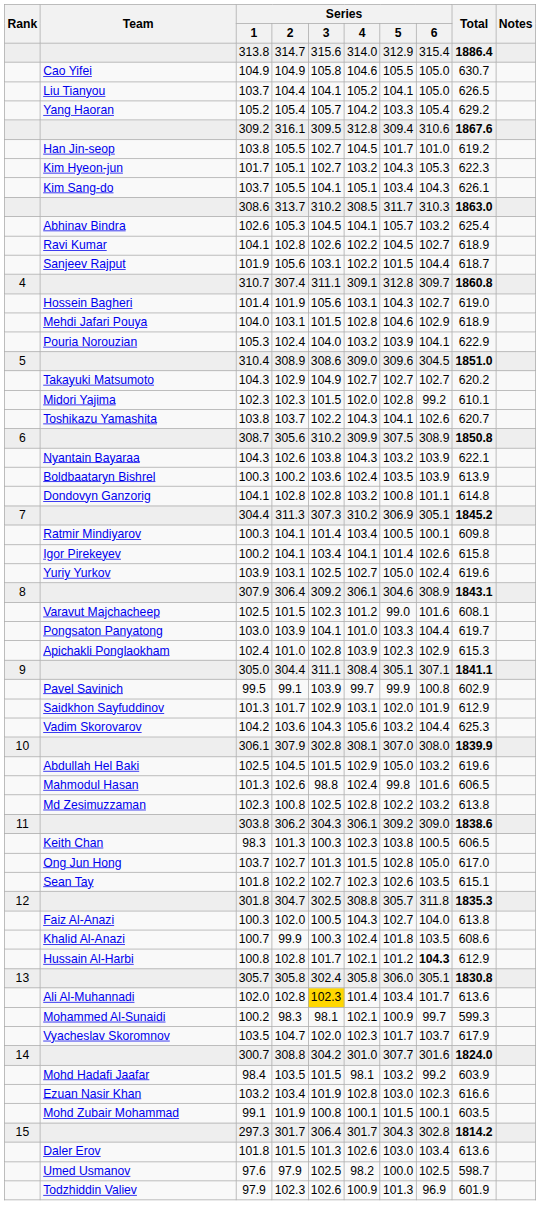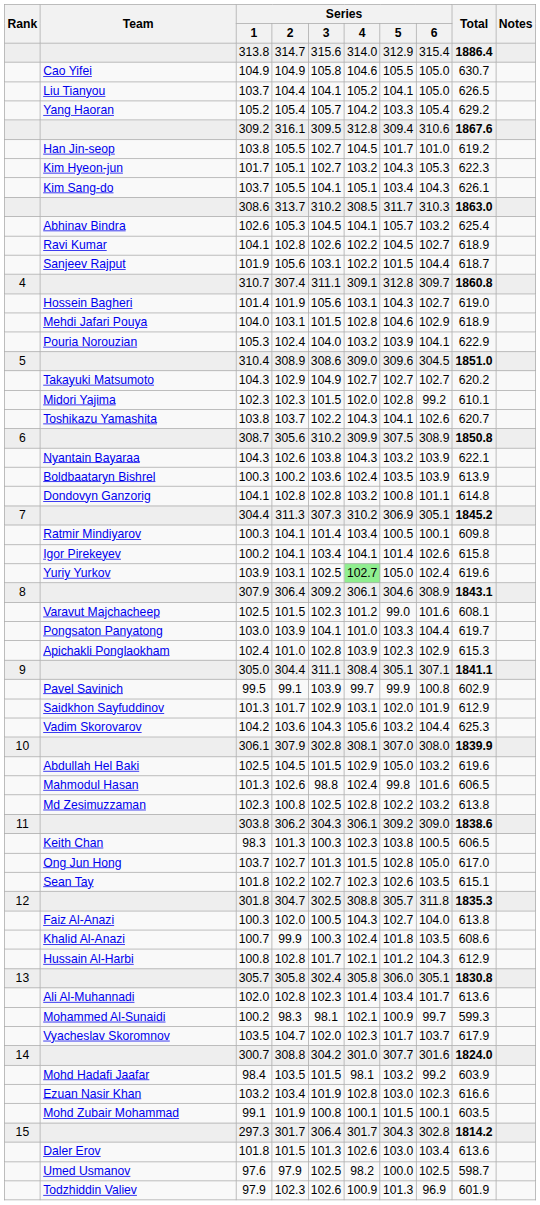 <table class="wikitable" style="text-align:center">
 <tr>
 <th rowspan=2 width=40>Rank</th>
 <th rowspan=2 width=250>Team</th>
 <th colspan=6>Series</th>
 <th rowspan=2 width=50>Total</th>
 <th rowspan=2 width=45>Notes</th>
 </tr>
 <tr>
 <th width=40>1</th>
 <th width=40>2</th>
 <th width=40>3</th>
 <th width=40>4</th>
 <th width=40>5</th>
 <th width=40>6</th>
 </tr>
 <tr bgcolor=eeeeee>
 <td></td>
 <td align=left></td>
 <td>313.8</td>
 <td>314.7</td>
 <td>315.6</td>
 <td>314.0</td>
 <td>312.9</td>
 <td>315.4</td>
 <td><strong>1886.4</strong></td>
 <td></td>
 </tr>
 <tr>
 <td></td>
 <td align=left><a href='#'>Cao Yifei</a></td>
 <td>104.9</td>
 <td>104.9</td>
 <td>105.8</td>
 <td>104.6</td>
 <td>105.5</td>
 <td>105.0</td>
 <td>630.7</td>
 <td></td>
 </tr>
 <tr>
 <td></td>
 <td align=left><a href='#'>Liu Tianyou</a></td>
 <td>103.7</td>
 <td>104.4</td>
 <td>104.1</td>
 <td>105.2</td>
 <td>104.1</td>
 <td>105.0</td>
 <td>626.5</td>
 <td></td>
 </tr>
 <tr>
 <td></td>
 <td align=left><a href='#'>Yang Haoran</a></td>
 <td>105.2</td>
 <td>105.4</td>
 <td>105.7</td>
 <td>104.2</td>
 <td>103.3</td>
 <td>105.4</td>
 <td>629.2</td>
 <td></td>
 </tr>
 <tr bgcolor=eeeeee>
 <td></td>
 <td align=left></td>
 <td>309.2</td>
 <td>316.1</td>
 <td>309.5</td>
 <td>312.8</td>
 <td>309.4</td>
 <td>310.6</td>
 <td><strong>1867.6</strong></td>
 <td></td>
 </tr>
 <tr>
 <td></td>
 <td align=left><a href='#'>Han Jin-seop</a></td>
 <td>103.8</td>
 <td>105.5</td>
 <td>102.7</td>
 <td>104.5</td>
 <td>101.7</td>
 <td>101.0</td>
 <td>619.2</td>
 <td></td>
 </tr>
 <tr>
 <td></td>
 <td align=left><a href='#'>Kim Hyeon-jun</a></td>
 <td>101.7</td>
 <td>105.1</td>
 <td>102.7</td>
 <td>103.2</td>
 <td>104.3</td>
 <td>105.3</td>
 <td>622.3</td>
 <td></td>
 </tr>
 <tr>
 <td></td>
 <td align=left><a href='#'>Kim Sang-do</a></td>
 <td>103.7</td>
 <td>105.5</td>
 <td>104.1</td>
 <td>105.1</td>
 <td>103.4</td>
 <td>104.3</td>
 <td>626.1</td>
 <td></td>
 </tr>
 <tr bgcolor=eeeeee>
 <td></td>
 <td align=left></td>
 <td>308.6</td>
 <td>313.7</td>
 <td>310.2</td>
 <td>308.5</td>
 <td>311.7</td>
 <td>310.3</td>
 <td><strong>1863.0</strong></td>
 <td></td>
 </tr>
 <tr>
 <td></td>
 <td align=left><a href='#'>Abhinav Bindra</a></td>
 <td>102.6</td>
 <td>105.3</td>
 <td>104.5</td>
 <td>104.1</td>
 <td>105.7</td>
 <td>103.2</td>
 <td>625.4</td>
 <td></td>
 </tr>
 <tr>
 <td></td>
 <td align=left><a href='#'>Ravi Kumar</a></td>
 <td>104.1</td>
 <td>102.8</td>
 <td>102.6</td>
 <td>102.2</td>
 <td>104.5</td>
 <td>102.7</td>
 <td>618.9</td>
 <td></td>
 </tr>
 <tr>
 <td></td>
 <td align=left><a href='#'>Sanjeev Rajput</a></td>
 <td>101.9</td>
 <td>105.6</td>
 <td>103.1</td>
 <td>102.2</td>
 <td>101.5</td>
 <td>104.4</td>
 <td>618.7</td>
 <td></td>
 </tr>
 <tr bgcolor=eeeeee>
 <td>4</td>
 <td align=left></td>
 <td>310.7</td>
 <td>307.4</td>
 <td>311.1</td>
 <td>309.1</td>
 <td>312.8</td>
 <td>309.7</td>
 <td><strong>1860.8</strong></td>
 <td></td>
 </tr>
 <tr>
 <td></td>
 <td align=left><a href='#'>Hossein Bagheri</a></td>
 <td>101.4</td>
 <td>101.9</td>
 <td>105.6</td>
 <td>103.1</td>
 <td>104.3</td>
 <td>102.7</td>
 <td>619.0</td>
 <td></td>
 </tr>
 <tr>
 <td></td>
 <td align=left><a href='#'>Mehdi Jafari Pouya</a></td>
 <td>104.0</td>
 <td>103.1</td>
 <td>101.5</td>
 <td>102.8</td>
 <td>104.6</td>
 <td>102.9</td>
 <td>618.9</td>
 <td></td>
 </tr>
 <tr>
 <td></td>
 <td align=left><a href='#'>Pouria Norouzian</a></td>
 <td>105.3</td>
 <td>102.4</td>
 <td>104.0</td>
 <td>103.2</td>
 <td>103.9</td>
 <td>104.1</td>
 <td>622.9</td>
 <td></td>
 </tr>
 <tr bgcolor=eeeeee>
 <td>5</td>
 <td align=left></td>
 <td>310.4</td>
 <td>308.9</td>
 <td>308.6</td>
 <td>309.0</td>
 <td>309.6</td>
 <td>304.5</td>
 <td><strong>1851.0</strong></td>
 <td></td>
 </tr>
 <tr>
 <td></td>
 <td align=left><a href='#'>Takayuki Matsumoto</a></td>
 <td>104.3</td>
 <td>102.9</td>
 <td>104.9</td>
 <td>102.7</td>
 <td>102.7</td>
 <td>102.7</td>
 <td>620.2</td>
 <td></td>
 </tr>
 <tr>
 <td></td>
 <td align=left><a href='#'>Midori Yajima</a></td>
 <td>102.3</td>
 <td>102.3</td>
 <td>101.5</td>
 <td>102.0</td>
 <td>102.8</td>
 <td>99.2</td>
 <td>610.1</td>
 <td></td>
 </tr>
 <tr>
 <td></td>
 <td align=left><a href='#'>Toshikazu Yamashita</a></td>
 <td>103.8</td>
 <td>103.7</td>
 <td>102.2</td>
 <td>104.3</td>
 <td>104.1</td>
 <td>102.6</td>
 <td>620.7</td>
 <td></td>
 </tr>
 <tr bgcolor=eeeeee>
 <td>6</td>
 <td align=left></td>
 <td>308.7</td>
 <td>305.6</td>
 <td>310.2</td>
 <td>309.9</td>
 <td>307.5</td>
 <td>308.9</td>
 <td><strong>1850.8</strong></td>
 <td></td>
 </tr>
 <tr>
 <td></td>
 <td align=left><a href='#'>Nyantain Bayaraa</a></td>
 <td>104.3</td>
 <td>102.6</td>
 <td>103.8</td>
 <td>104.3</td>
 <td>103.2</td>
 <td>103.9</td>
 <td>622.1</td>
 <td></td>
 </tr>
 <tr>
 <td></td>
 <td align=left><a href='#'>Boldbaataryn Bishrel</a></td>
 <td>100.3</td>
 <td>100.2</td>
 <td>103.6</td>
 <td>102.4</td>
 <td>103.5</td>
 <td>103.9</td>
 <td>613.9</td>
 <td></td>
 </tr>
 <tr>
 <td></td>
 <td align=left><a href='#'>Dondovyn Ganzorig</a></td>
 <td>104.1</td>
 <td>102.8</td>
 <td>102.8</td>
 <td>103.2</td>
 <td>100.8</td>
 <td>101.1</td>
 <td>614.8</td>
 <td></td>
 </tr>
 <tr bgcolor=eeeeee>
 <td>7</td>
 <td align=left></td>
 <td>304.4</td>
 <td>311.3</td>
 <td>307.3</td>
 <td>310.2</td>
 <td>306.9</td>
 <td>305.1</td>
 <td><strong>1845.2</strong></td>
 <td></td>
 </tr>
 <tr>
 <td></td>
 <td align=left><a href='#'>Ratmir Mindiyarov</a></td>
 <td>100.3</td>
 <td>104.1</td>
 <td>101.4</td>
 <td>103.4</td>
 <td>100.5</td>
 <td>100.1</td>
 <td>609.8</td>
 <td></td>
 </tr>
 <tr>
 <td></td>
 <td align=left><a href='#'>Igor Pirekeyev</a></td>
 <td>100.2</td>
 <td>104.1</td>
 <td>103.4</td>
 <td>104.1</td>
 <td>101.4</td>
 <td>102.6</td>
 <td>615.8</td>
 <td></td>
 </tr>
 <tr>
 <td></td>
 <td align=left><a href='#'>Yuriy Yurkov</a></td>
 <td>103.9</td>
 <td>103.1</td>
 <td>102.5</td>
-<td>102.7</td>
+<td style="background: lightgreen;">102.7</td>
 <td>105.0</td>
 <td>102.4</td>
 <td>619.6</td>
 <td></td>
 </tr>
 <tr bgcolor=eeeeee>
 <td>8</td>
 <td align=left></td>
 <td>307.9</td>
 <td>306.4</td>
 <td>309.2</td>
 <td>306.1</td>
 <td>304.6</td>
 <td>308.9</td>
 <td><strong>1843.1</strong></td>
 <td></td>
 </tr>
 <tr>
 <td></td>
 <td align=left><a href='#'>Varavut Majchacheep</a></td>
 <td>102.5</td>
 <td>101.5</td>
 <td>102.3</td>
 <td>101.2</td>
 <td>99.0</td>
 <td>101.6</td>
 <td>608.1</td>
 <td></td>
 </tr>
 <tr>
 <td></td>
 <td align=left><a href='#'>Pongsaton Panyatong</a></td>
 <td>103.0</td>
 <td>103.9</td>
 <td>104.1</td>
 <td>101.0</td>
 <td>103.3</td>
 <td>104.4</td>
 <td>619.7</td>
 <td></td>
 </tr>
 <tr>
 <td></td>
 <td align=left><a href='#'>Apichakli Ponglaokham</a></td>
 <td>102.4</td>
 <td>101.0</td>
 <td>102.8</td>
 <td>103.9</td>
 <td>102.3</td>
 <td>102.9</td>
 <td>615.3</td>
 <td></td>
 </tr>
 <tr bgcolor=eeeeee>
 <td>9</td>
 <td align=left></td>
 <td>305.0</td>
 <td>304.4</td>
 <td>311.1</td>
 <td>308.4</td>
 <td>305.1</td>
 <td>307.1</td>
 <td><strong>1841.1</strong></td>
 <td></td>
 </tr>
 <tr>
 <td></td>
 <td align=left><a href='#'>Pavel Savinich</a></td>
 <td>99.5</td>
 <td>99.1</td>
 <td>103.9</td>
 <td>99.7</td>
 <td>99.9</td>
 <td>100.8</td>
 <td>602.9</td>
 <td></td>
 </tr>
 <tr>
 <td></td>
 <td align=left><a href='#'>Saidkhon Sayfuddinov</a></td>
 <td>101.3</td>
 <td>101.7</td>
 <td>102.9</td>
 <td>103.1</td>
 <td>102.0</td>
 <td>101.9</td>
 <td>612.9</td>
 <td></td>
 </tr>
 <tr>
 <td></td>
 <td align=left><a href='#'>Vadim Skorovarov</a></td>
 <td>104.2</td>
 <td>103.6</td>
 <td>104.3</td>
 <td>105.6</td>
 <td>103.2</td>
 <td>104.4</td>
 <td>625.3</td>
 <td></td>
 </tr>
 <tr bgcolor=eeeeee>
 <td>10</td>
 <td align=left></td>
 <td>306.1</td>
 <td>307.9</td>
 <td>302.8</td>
 <td>308.1</td>
 <td>307.0</td>
 <td>308.0</td>
 <td><strong>1839.9</strong></td>
 <td></td>
 </tr>
 <tr>
 <td></td>
 <td align=left><a href='#'>Abdullah Hel Baki</a></td>
 <td>102.5</td>
 <td>104.5</td>
 <td>101.5</td>
 <td>102.9</td>
 <td>105.0</td>
 <td>103.2</td>
 <td>619.6</td>
 <td></td>
 </tr>
 <tr>
 <td></td>
 <td align=left><a href='#'>Mahmodul Hasan</a></td>
 <td>101.3</td>
 <td>102.6</td>
 <td>98.8</td>
 <td>102.4</td>
 <td>99.8</td>
 <td>101.6</td>
 <td>606.5</td>
 <td></td>
 </tr>
 <tr>
 <td></td>
 <td align=left><a href='#'>Md Zesimuzzaman</a></td>
 <td>102.3</td>
 <td>100.8</td>
 <td>102.5</td>
 <td>102.8</td>
 <td>102.2</td>
 <td>103.2</td>
 <td>613.8</td>
 <td></td>
 </tr>
 <tr bgcolor=eeeeee>
 <td>11</td>
 <td align=left></td>
 <td>303.8</td>
 <td>306.2</td>
 <td>304.3</td>
 <td>306.1</td>
 <td>309.2</td>
 <td>309.0</td>
 <td><strong>1838.6</strong></td>
 <td></td>
 </tr>
 <tr>
 <td></td>
 <td align=left><a href='#'>Keith Chan</a></td>
 <td>98.3</td>
 <td>101.3</td>
 <td>100.3</td>
 <td>102.3</td>
 <td>103.8</td>
 <td>100.5</td>
 <td>606.5</td>
 <td></td>
 </tr>
 <tr>
 <td></td>
 <td align=left><a href='#'>Ong Jun Hong</a></td>
 <td>103.7</td>
 <td>102.7</td>
 <td>101.3</td>
 <td>101.5</td>
 <td>102.8</td>
 <td>105.0</td>
 <td>617.0</td>
 <td></td>
 </tr>
 <tr>
 <td></td>
 <td align=left><a href='#'>Sean Tay</a></td>
 <td>101.8</td>
 <td>102.2</td>
 <td>102.7</td>
 <td>102.3</td>
 <td>102.6</td>
 <td>103.5</td>
 <td>615.1</td>
 <td></td>
 </tr>
 <tr bgcolor=eeeeee>
 <td>12</td>
 <td align=left></td>
 <td>301.8</td>
 <td>304.7</td>
 <td>302.5</td>
 <td>308.8</td>
 <td>305.7</td>
 <td>311.8</td>
 <td><strong>1835.3</strong></td>
 <td></td>
 </tr>
 <tr>
 <td></td>
 <td align=left><a href='#'>Faiz Al-Anazi</a></td>
 <td>100.3</td>
 <td>102.0</td>
 <td>100.5</td>
 <td>104.3</td>
 <td>102.7</td>
 <td>104.0</td>
 <td>613.8</td>
 <td></td>
 </tr>
 <tr>
 <td></td>
 <td align=left><a href='#'>Khalid Al-Anazi</a></td>
 <td>100.7</td>
 <td>99.9</td>
 <td>100.3</td>
 <td>102.4</td>
 <td>101.8</td>
 <td>103.5</td>
 <td>608.6</td>
 <td></td>
 </tr>
 <tr>
 <td></td>
 <td align=left><a href='#'>Hussain Al-Harbi</a></td>
 <td>100.8</td>
 <td>102.8</td>
 <td>101.7</td>
 <td>102.1</td>
 <td>101.2</td>
-<td><strong>104.3</strong></td>
+<td>104.3</td>
 <td>612.9</td>
 <td></td>
 </tr>
 <tr bgcolor=eeeeee>
 <td>13</td>
 <td align=left></td>
 <td>305.7</td>
 <td>305.8</td>
 <td>302.4</td>
 <td>305.8</td>
 <td>306.0</td>
 <td>305.1</td>
 <td><strong>1830.8</strong></td>
 <td></td>
 </tr>
 <tr>
 <td></td>
 <td align=left><a href='#'>Ali Al-Muhannadi</a></td>
 <td>102.0</td>
 <td>102.8</td>
-<td style="background: gold;">102.3</td>
+<td>102.3</td>
 <td>101.4</td>
 <td>103.4</td>
 <td>101.7</td>
 <td>613.6</td>
 <td></td>
 </tr>
 <tr>
 <td></td>
 <td align=left><a href='#'>Mohammed Al-Sunaidi</a></td>
 <td>100.2</td>
 <td>98.3</td>
 <td>98.1</td>
 <td>102.1</td>
 <td>100.9</td>
 <td>99.7</td>
 <td>599.3</td>
 <td></td>
 </tr>
 <tr>
 <td></td>
 <td align=left><a href='#'>Vyacheslav Skoromnov</a></td>
 <td>103.5</td>
 <td>104.7</td>
 <td>102.0</td>
 <td>102.3</td>
 <td>101.7</td>
 <td>103.7</td>
 <td>617.9</td>
 <td></td>
 </tr>
 <tr bgcolor=eeeeee>
 <td>14</td>
 <td align=left></td>
 <td>300.7</td>
 <td>308.8</td>
 <td>304.2</td>
 <td>301.0</td>
 <td>307.7</td>
 <td>301.6</td>
 <td><strong>1824.0</strong></td>
 <td></td>
 </tr>
 <tr>
 <td></td>
 <td align=left><a href='#'>Mohd Hadafi Jaafar</a></td>
 <td>98.4</td>
 <td>103.5</td>
 <td>101.5</td>
 <td>98.1</td>
 <td>103.2</td>
 <td>99.2</td>
 <td>603.9</td>
 <td></td>
 </tr>
 <tr>
 <td></td>
 <td align=left><a href='#'>Ezuan Nasir Khan</a></td>
 <td>103.2</td>
 <td>103.4</td>
 <td>101.9</td>
 <td>102.8</td>
 <td>103.0</td>
 <td>102.3</td>
 <td>616.6</td>
 <td></td>
 </tr>
 <tr>
 <td></td>
 <td align=left><a href='#'>Mohd Zubair Mohammad</a></td>
 <td>99.1</td>
 <td>101.9</td>
 <td>100.8</td>
 <td>100.1</td>
 <td>101.5</td>
 <td>100.1</td>
 <td>603.5</td>
 <td></td>
 </tr>
 <tr bgcolor=eeeeee>
 <td>15</td>
 <td align=left></td>
 <td>297.3</td>
 <td>301.7</td>
 <td>306.4</td>
 <td>301.7</td>
 <td>304.3</td>
 <td>302.8</td>
 <td><strong>1814.2</strong></td>
 <td></td>
 </tr>
 <tr>
 <td></td>
 <td align=left><a href='#'>Daler Erov</a></td>
 <td>101.8</td>
 <td>101.5</td>
 <td>101.3</td>
 <td>102.6</td>
 <td>103.0</td>
 <td>103.4</td>
 <td>613.6</td>
 <td></td>
 </tr>
 <tr>
 <td></td>
 <td align=left><a href='#'>Umed Usmanov</a></td>
 <td>97.6</td>
 <td>97.9</td>
 <td>102.5</td>
 <td>98.2</td>
 <td>100.0</td>
 <td>102.5</td>
 <td>598.7</td>
 <td></td>
 </tr>
 <tr>
 <td></td>
 <td align=left><a href='#'>Todzhiddin Valiev</a></td>
 <td>97.9</td>
 <td>102.3</td>
 <td>102.6</td>
 <td>100.9</td>
 <td>101.3</td>
 <td>96.9</td>
 <td>601.9</td>
 <td></td>
 </tr>
 </table>
